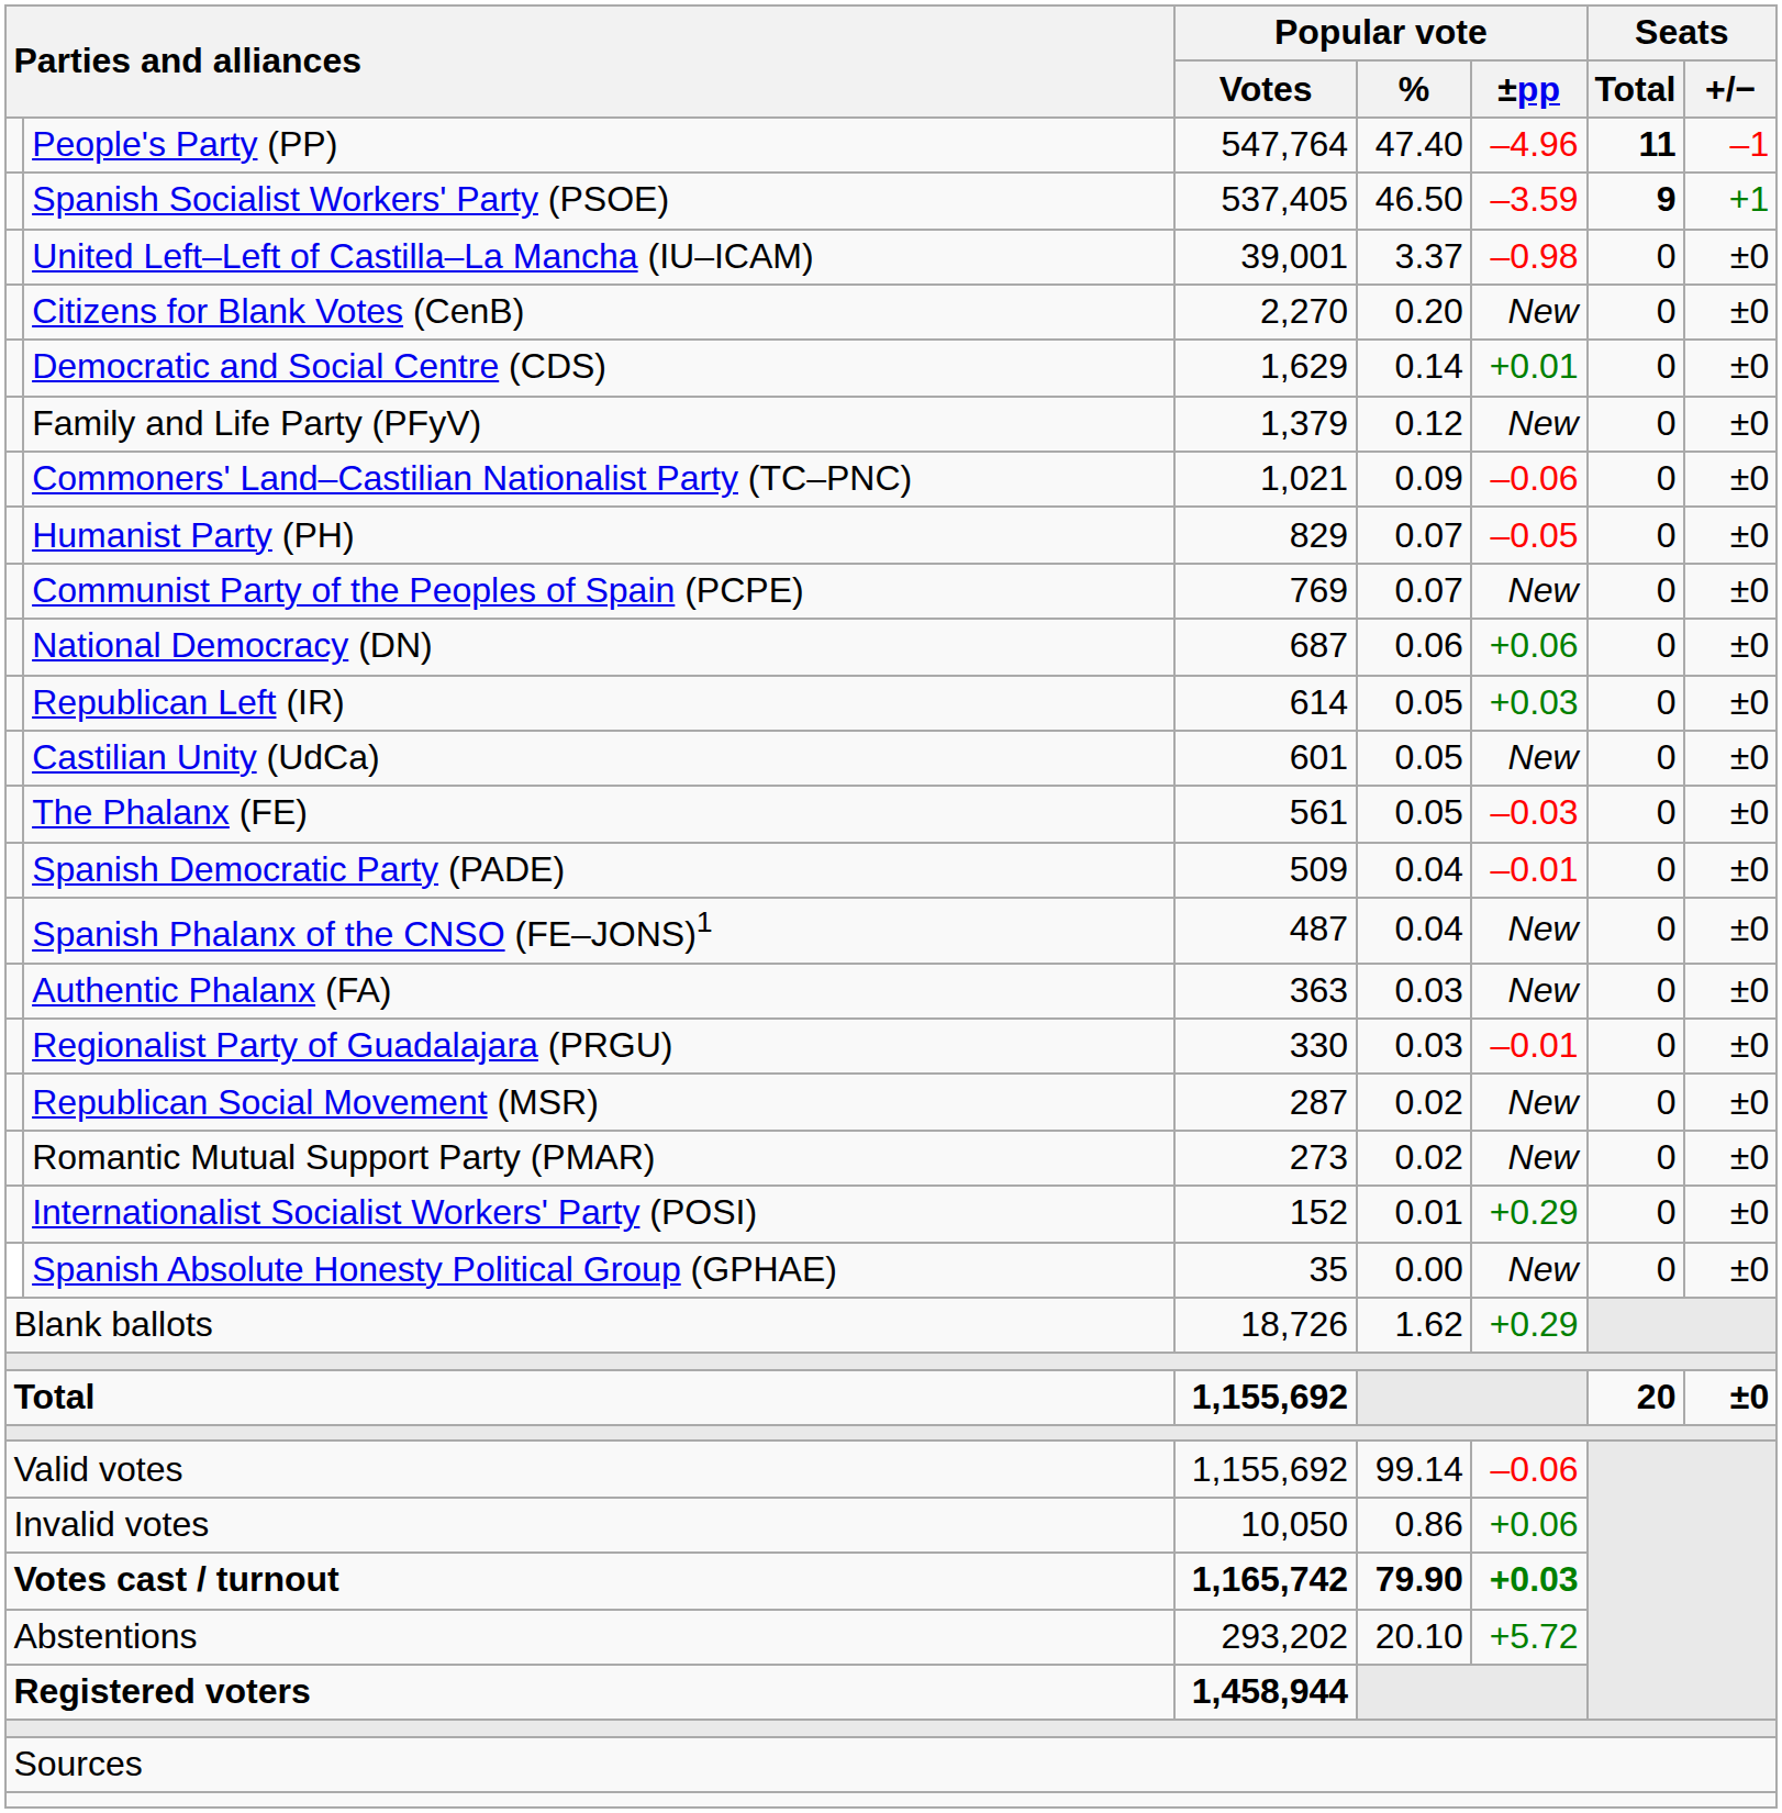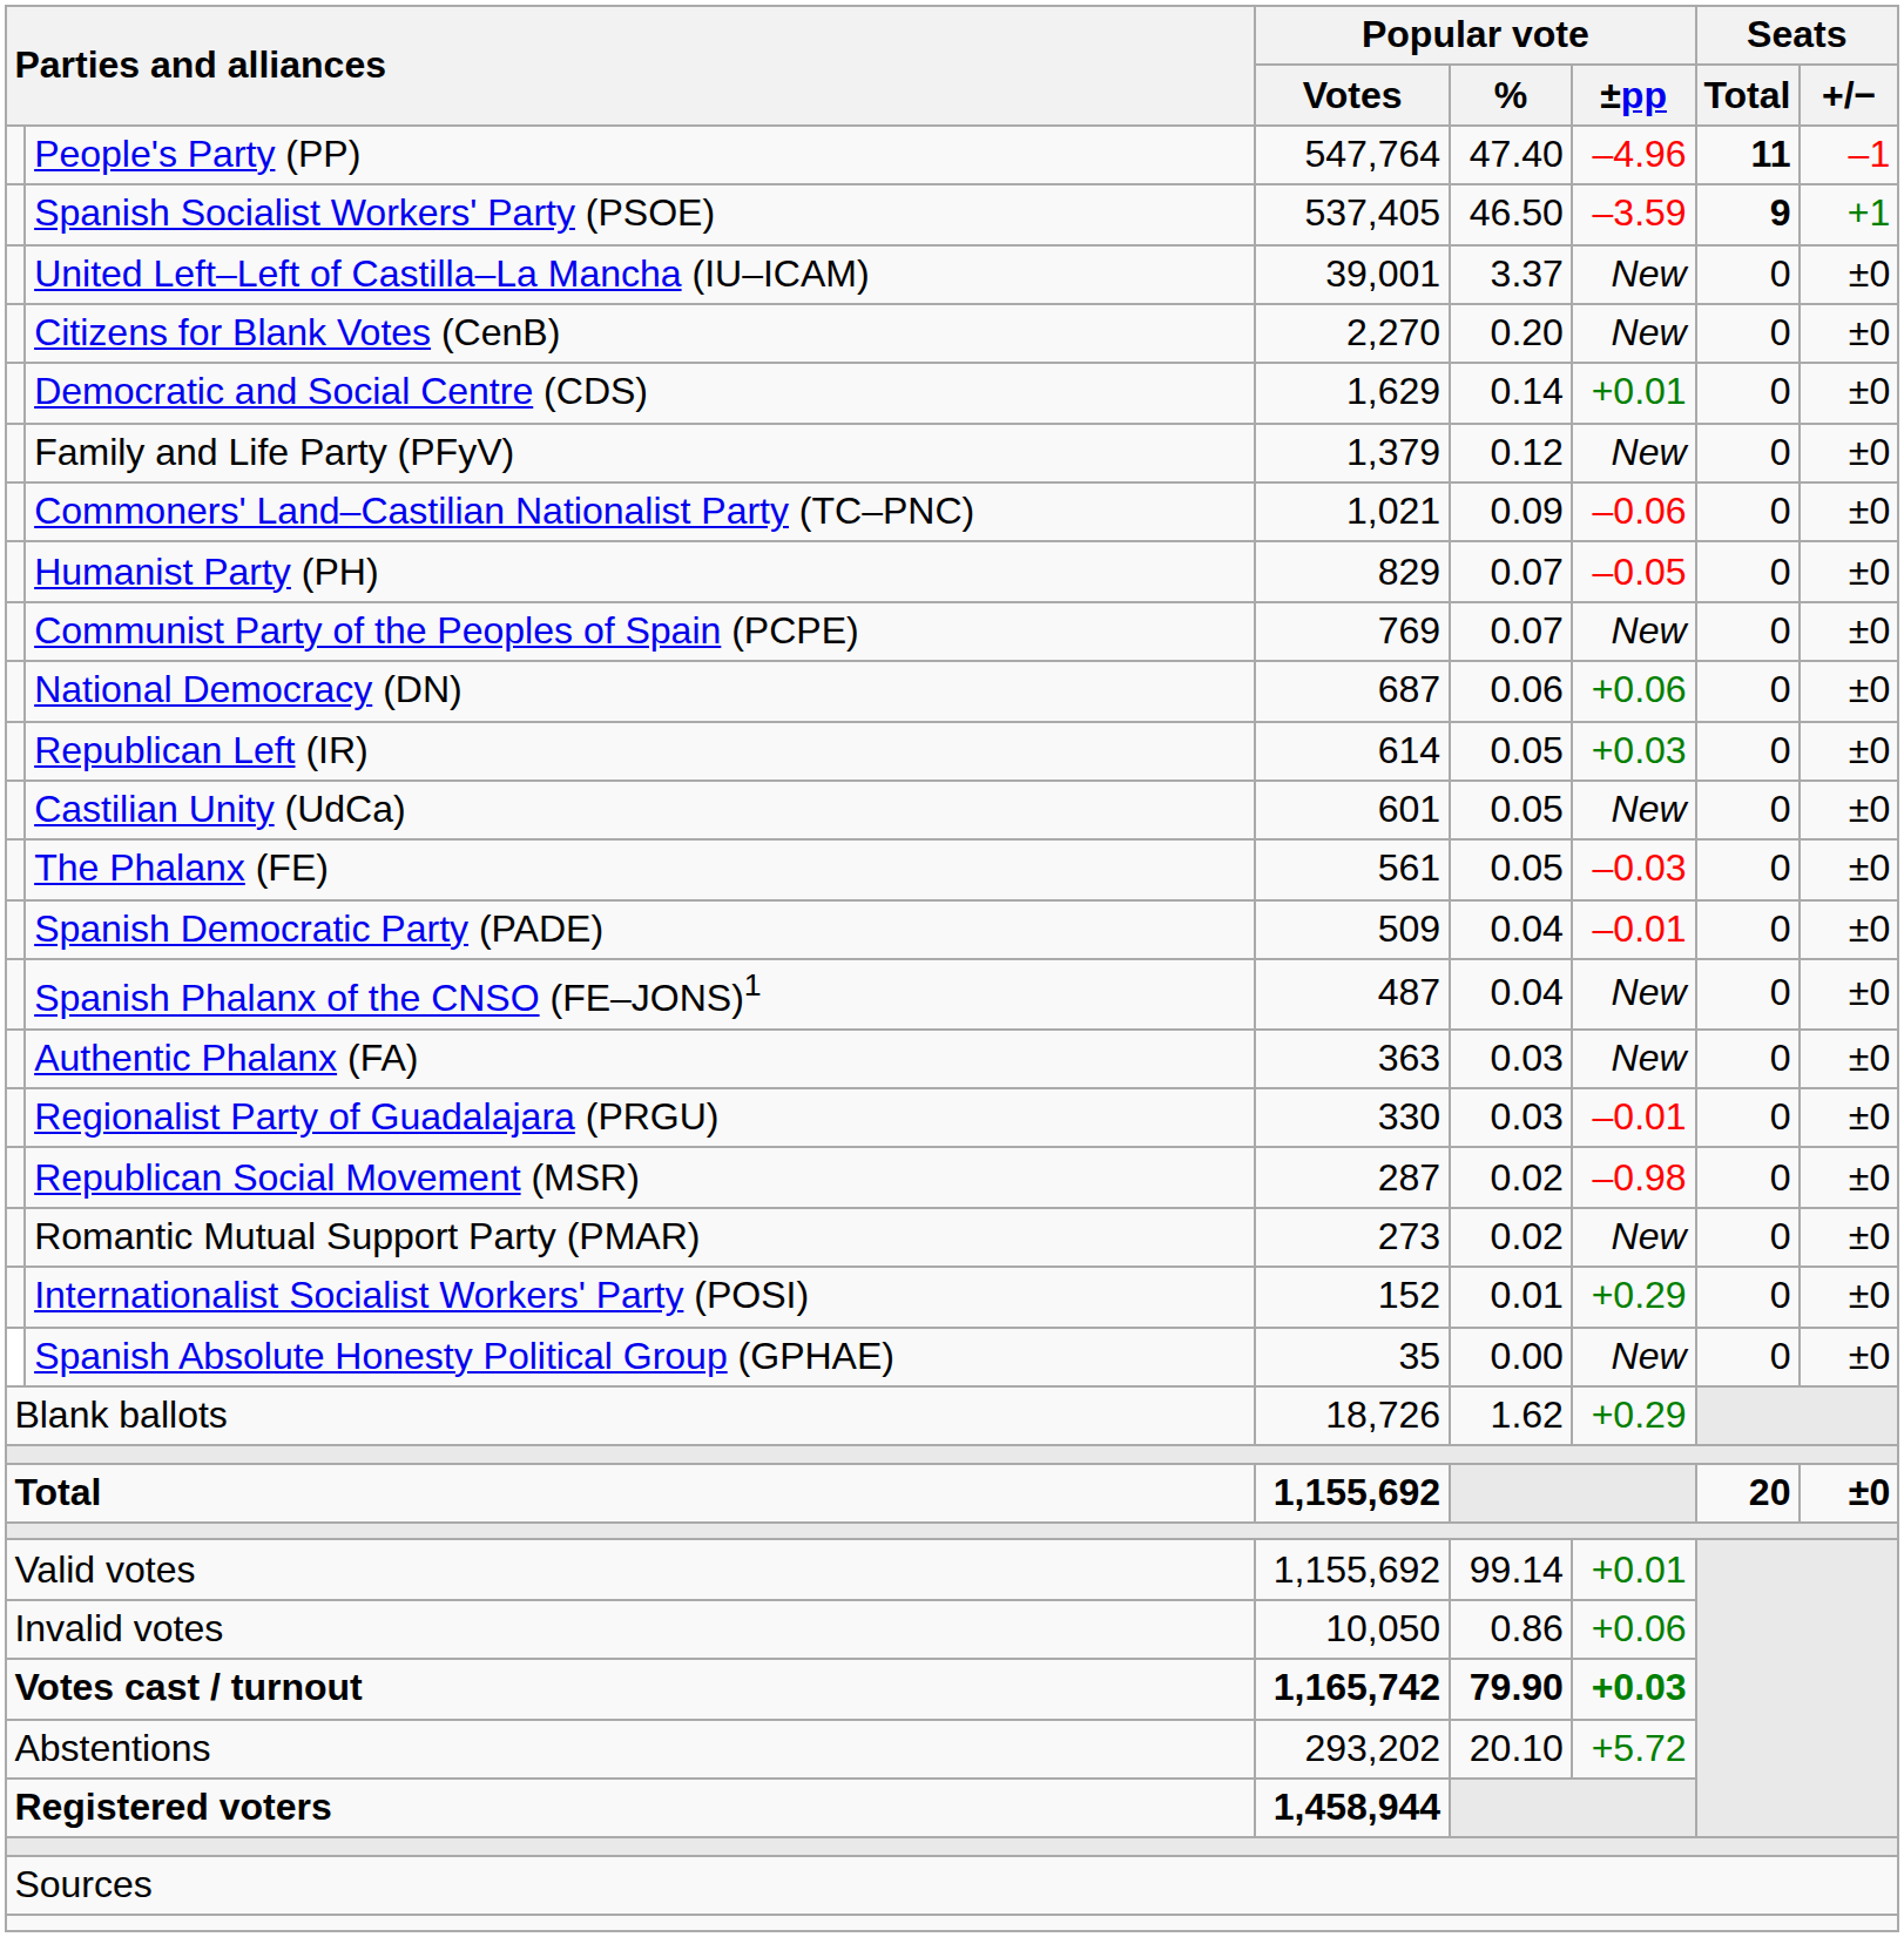 <table class="wikitable" style="text-align:right;">
 <tr>
 <th style="text-align:left;" rowspan="2" colspan="2" width="525">Parties and alliances</th>
 <th colspan="3">Popular vote</th>
 <th colspan="2">Seats</th>
 </tr>
 <tr>
 <th width="75">Votes</th>
 <th width="45">%</th>
 <th width="45">±<a href='#'>pp</a></th>
 <th width="35">Total</th>
 <th width="35">+/−</th>
 </tr>
 <tr>
 <td width="1" style="color:inherit;background:"></td>
 <td align="left"><a href='#'>People's Party</a> (PP)</td>
 <td>547,764</td>
 <td>47.40</td>
 <td style="color:red;">–4.96</td>
 <td><strong>11</strong></td>
 <td style="color:red;">–1</td>
 </tr>
 <tr>
 <td style="color:inherit;background:"></td>
 <td align="left"><a href='#'>Spanish Socialist Workers' Party</a> (PSOE)</td>
 <td>537,405</td>
 <td>46.50</td>
 <td style="color:red;">–3.59</td>
 <td><strong>9</strong></td>
 <td style="color:green;">+1</td>
 </tr>
 <tr>
 <td style="color:inherit;background:"></td>
 <td align="left"><a href='#'>United Left–Left of Castilla–La Mancha</a> (IU–ICAM)</td>
 <td>39,001</td>
 <td>3.37</td>
-<td style="color:red;">–0.98</td>
+<td><em>New</em></td>
 <td>0</td>
 <td>±0</td>
 </tr>
 <tr>
 <td style="color:inherit;background:"></td>
 <td align="left"><a href='#'>Citizens for Blank Votes</a> (CenB)</td>
 <td>2,270</td>
 <td>0.20</td>
 <td><em>New</em></td>
 <td>0</td>
 <td>±0</td>
 </tr>
 <tr>
 <td style="color:inherit;background:"></td>
 <td align="left"><a href='#'>Democratic and Social Centre</a> (CDS)</td>
 <td>1,629</td>
 <td>0.14</td>
 <td style="color:green;">+0.01</td>
 <td>0</td>
 <td>±0</td>
 </tr>
 <tr>
 <td style="color:inherit;background:"></td>
 <td align="left">Family and Life Party (PFyV)</td>
 <td>1,379</td>
 <td>0.12</td>
 <td><em>New</em></td>
 <td>0</td>
 <td>±0</td>
 </tr>
 <tr>
 <td style="color:inherit;background:"></td>
 <td align="left"><a href='#'>Commoners' Land–Castilian Nationalist Party</a> (TC–PNC)</td>
 <td>1,021</td>
 <td>0.09</td>
 <td style="color:red;">–0.06</td>
 <td>0</td>
 <td>±0</td>
 </tr>
 <tr>
 <td style="color:inherit;background:"></td>
 <td align="left"><a href='#'>Humanist Party</a> (PH)</td>
 <td>829</td>
 <td>0.07</td>
 <td style="color:red;">–0.05</td>
 <td>0</td>
 <td>±0</td>
 </tr>
 <tr>
 <td style="color:inherit;background:"></td>
 <td align="left"><a href='#'>Communist Party of the Peoples of Spain</a> (PCPE)</td>
 <td>769</td>
 <td>0.07</td>
 <td><em>New</em></td>
 <td>0</td>
 <td>±0</td>
 </tr>
 <tr>
 <td style="color:inherit;background:"></td>
 <td align="left"><a href='#'>National Democracy</a> (DN)</td>
 <td>687</td>
 <td>0.06</td>
 <td style="color:green;">+0.06</td>
 <td>0</td>
 <td>±0</td>
 </tr>
 <tr>
 <td style="color:inherit;background:"></td>
 <td align="left"><a href='#'>Republican Left</a> (IR)</td>
 <td>614</td>
 <td>0.05</td>
 <td style="color:green;">+0.03</td>
 <td>0</td>
 <td>±0</td>
 </tr>
 <tr>
 <td style="color:inherit;background:"></td>
 <td align="left"><a href='#'>Castilian Unity</a> (UdCa)</td>
 <td>601</td>
 <td>0.05</td>
 <td><em>New</em></td>
 <td>0</td>
 <td>±0</td>
 </tr>
 <tr>
 <td style="color:inherit;background:"></td>
 <td align="left"><a href='#'>The Phalanx</a> (FE)</td>
 <td>561</td>
 <td>0.05</td>
 <td style="color:red;">–0.03</td>
 <td>0</td>
 <td>±0</td>
 </tr>
 <tr>
 <td style="color:inherit;background:"></td>
 <td align="left"><a href='#'>Spanish Democratic Party</a> (PADE)</td>
 <td>509</td>
 <td>0.04</td>
 <td style="color:red;">–0.01</td>
 <td>0</td>
 <td>±0</td>
 </tr>
 <tr>
 <td style="color:inherit;background:"></td>
 <td align="left"><a href='#'>Spanish Phalanx of the CNSO</a> (FE–JONS)<sup>1</sup></td>
 <td>487</td>
 <td>0.04</td>
 <td><em>New</em></td>
 <td>0</td>
 <td>±0</td>
 </tr>
 <tr>
 <td style="color:inherit;background:"></td>
 <td align="left"><a href='#'>Authentic Phalanx</a> (FA)</td>
 <td>363</td>
 <td>0.03</td>
 <td><em>New</em></td>
 <td>0</td>
 <td>±0</td>
 </tr>
 <tr>
 <td style="color:inherit;background:"></td>
 <td align="left"><a href='#'>Regionalist Party of Guadalajara</a> (PRGU)</td>
 <td>330</td>
 <td>0.03</td>
 <td style="color:red;">–0.01</td>
 <td>0</td>
 <td>±0</td>
 </tr>
 <tr>
 <td style="color:inherit;background:"></td>
 <td align="left"><a href='#'>Republican Social Movement</a> (MSR)</td>
 <td>287</td>
 <td>0.02</td>
-<td><em>New</em></td>
+<td style="color:red;">–0.98</td>
 <td>0</td>
 <td>±0</td>
 </tr>
 <tr>
 <td style="color:inherit;background:"></td>
 <td align="left">Romantic Mutual Support Party (PMAR)</td>
 <td>273</td>
 <td>0.02</td>
 <td><em>New</em></td>
 <td>0</td>
 <td>±0</td>
 </tr>
 <tr>
 <td style="color:inherit;background:"></td>
 <td align="left"><a href='#'>Internationalist Socialist Workers' Party</a> (POSI)</td>
 <td>152</td>
 <td>0.01</td>
 <td style="color:green;">+0.29</td>
 <td>0</td>
 <td>±0</td>
 </tr>
 <tr>
 <td bgcolor="white"></td>
 <td align="left"><a href='#'>Spanish Absolute Honesty Political Group</a> (GPHAE)</td>
 <td>35</td>
 <td>0.00</td>
 <td><em>New</em></td>
 <td>0</td>
 <td>±0</td>
 </tr>
 <tr>
 <td align="left" colspan="2">Blank ballots</td>
 <td>18,726</td>
 <td>1.62</td>
 <td style="color:green;">+0.29</td>
 <td bgcolor="#E9E9E9" colspan="2"></td>
 </tr>
 <tr>
 <td colspan="7" bgcolor="#E9E9E9"></td>
 </tr>
 <tr style="font-weight:bold;">
 <td align="left" colspan="2">Total</td>
 <td>1,155,692</td>
 <td bgcolor="#E9E9E9" colspan="2"></td>
 <td>20</td>
 <td>±0</td>
 </tr>
 <tr>
 <td colspan="7" bgcolor="#E9E9E9"></td>
 </tr>
 <tr>
 <td align="left" colspan="2">Valid votes</td>
 <td>1,155,692</td>
 <td>99.14</td>
-<td style="color:red;">–0.06</td>
+<td style="color:green;">+0.01</td>
 <td bgcolor="#E9E9E9" colspan="2" rowspan="5"></td>
 </tr>
 <tr>
 <td align="left" colspan="2">Invalid votes</td>
 <td>10,050</td>
 <td>0.86</td>
 <td style="color:green;">+0.06</td>
 </tr>
 <tr style="font-weight:bold;">
 <td align="left" colspan="2">Votes cast / turnout</td>
 <td>1,165,742</td>
 <td>79.90</td>
 <td style="color:green;">+0.03</td>
 </tr>
 <tr>
 <td align="left" colspan="2">Abstentions</td>
 <td>293,202</td>
 <td>20.10</td>
 <td style="color:green;">+5.72</td>
 </tr>
 <tr style="font-weight:bold;">
 <td align="left" colspan="2">Registered voters</td>
 <td>1,458,944</td>
 <td bgcolor="#E9E9E9" colspan="2"></td>
 </tr>
 <tr>
 <td colspan="7" bgcolor="#E9E9E9"></td>
 </tr>
 <tr>
 <td align="left" colspan="7">Sources</td>
 </tr>
 <tr>
 <td colspan="7" style="text-align:left; max-width:790px;"></td>
 </tr>
 </table>
